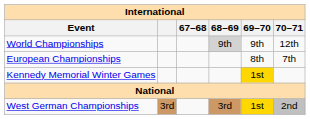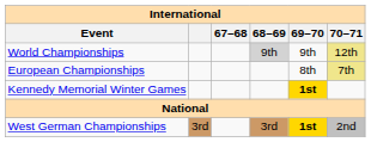 <table class="wikitable" style="text-align:center">
 <tr>
 <th style="background-color: #ffdead; " colspan=6 align=center>International</th>
 </tr>
 <tr>
 <th>Event</th>
 <th></th>
 <th>67–68</th>
 <th>68–69</th>
 <th>69–70</th>
 <th>70–71</th>
 </tr>
 <tr>
 <td align=left><a href='#'>World Championships</a></td>
 <td></td>
 <td></td>
 <td style="background: lightgrey;">9th</td>
 <td>9th</td>
-<td>12th</td>
+<td style="background: khaki;">12th</td>
 </tr>
 <tr>
 <td align=left><a href='#'>European Championships</a></td>
 <td></td>
 <td></td>
 <td></td>
 <td>8th</td>
-<td>7th</td>
+<td style="background: khaki;">7th</td>
 </tr>
 <tr>
 <td align=left><a href='#'>Kennedy Memorial Winter Games</a></td>
 <td></td>
 <td></td>
 <td></td>
-<td bgcolor=gold>1st</td>
+<td bgcolor=gold><strong>1st</strong></td>
 <td></td>
 </tr>
 <tr>
 <th style="background-color: #ffdead; " colspan=6 align=center>National</th>
 </tr>
 <tr>
 <td align=left><a href='#'>West German Championships</a></td>
 <td bgcolor=cc9966>3rd</td>
 <td></td>
 <td bgcolor=cc9966>3rd</td>
-<td bgcolor=gold>1st</td>
+<td bgcolor=gold><strong>1st</strong></td>
 <td bgcolor=silver>2nd</td>
 </tr>
 </table>
